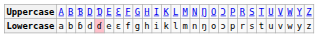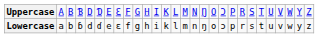 <table class="wikitable">
 <tr>
 <th>Uppercase</th>
 <td><a href='#'>A</a></td>
 <td><a href='#'>B</a></td>
 <td><a href='#'>Ɓ</a></td>
 <td><a href='#'>D</a></td>
 <td><a href='#'>Ɗ</a></td>
 <td><a href='#'>E</a></td>
 <td><a href='#'>Ɛ</a></td>
 <td><a href='#'>F</a></td>
 <td><a href='#'>G</a></td>
 <td><a href='#'>H</a></td>
 <td><a href='#'>I</a></td>
 <td><a href='#'>K</a></td>
 <td><a href='#'>L</a></td>
 <td><a href='#'>M</a></td>
 <td><a href='#'>N</a></td>
 <td><a href='#'>Ŋ</a></td>
 <td><a href='#'>O</a></td>
 <td><a href='#'>Ɔ</a></td>
 <td><a href='#'>P</a></td>
 <td><a href='#'>R</a></td>
 <td><a href='#'>S</a></td>
 <td><a href='#'>T</a></td>
 <td><a href='#'>U</a></td>
 <td><a href='#'>V</a></td>
 <td><a href='#'>W</a></td>
 <td><a href='#'>Y</a></td>
 <td><a href='#'>Z</a></td>
 </tr>
 <tr>
 <th>Lowercase</th>
 <td>a</td>
 <td>b</td>
 <td>ɓ</td>
 <td>d</td>
-<td style="background: pink;">ɗ</td>
+<td>ɗ</td>
 <td>e</td>
 <td>ɛ</td>
 <td>f</td>
 <td>g</td>
 <td>h</td>
 <td>i</td>
 <td>k</td>
 <td>l</td>
 <td>m</td>
 <td>n</td>
 <td>ŋ</td>
 <td>o</td>
 <td>ɔ</td>
 <td>p</td>
 <td>r</td>
 <td>s</td>
 <td>t</td>
 <td>u</td>
 <td>v</td>
 <td>w</td>
 <td>y</td>
 <td>z</td>
 </tr>
 </table>
